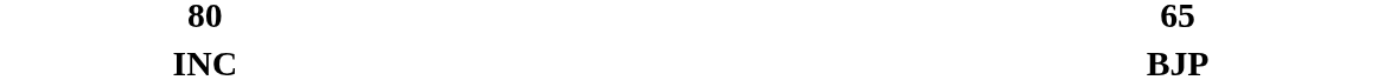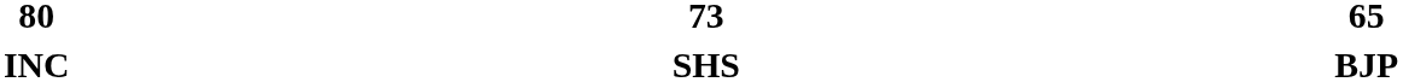 <table style="width:100%; text-align:center;">
 <tr>
 <td style="background:"><strong>80</strong></td>
+<td style="background:"><strong>73</strong></td>
 <td style="background:"><strong>65</strong></td>
 </tr>
 <tr>
 <td><span><strong>INC</strong></span></td>
+<td><span><strong>SHS</strong></span></td>
 <td><span><strong>BJP</strong></span></td>
 </tr>
 </table>
